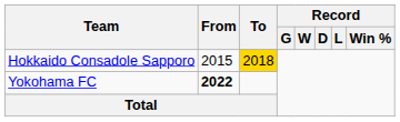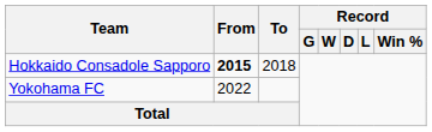 <table class="wikitable" style="text-align: center">
 <tr>
 <th rowspan="2">Team</th>
 <th rowspan="2">From</th>
 <th rowspan="2">To</th>
 <th colspan="5">Record</th>
 </tr>
 <tr>
 <th>G</th>
 <th>W</th>
 <th>D</th>
 <th>L</th>
 <th>Win %</th>
 </tr>
 <tr>
 <td align="left"><a href='#'>Hokkaido Consadole Sapporo</a></td>
-<td align="left">2015</td>
-<td align="left" style="background: gold;">2018<br></td>
+<td align="left"><strong>2015</strong></td>
+<td align="left">2018<br></td>
 </tr>
 <tr>
 <td align="left"><a href='#'>Yokohama FC</a></td>
-<td align="left"><strong>2022</strong></td>
+<td align="left">2022</td>
 <td align="left"><br></td>
 </tr>
 <tr>
 <th colspan="3">Total<br></th>
 </tr>
 </table>
